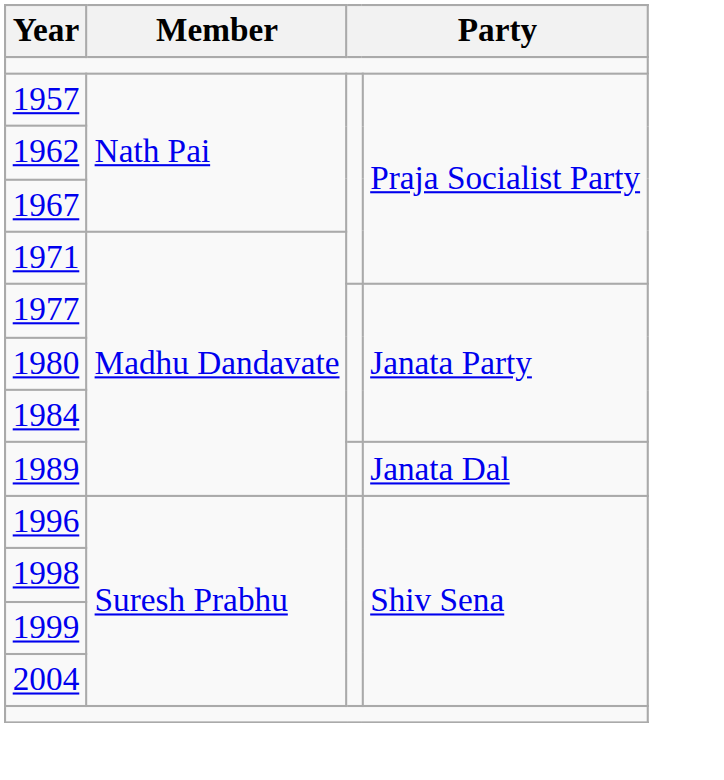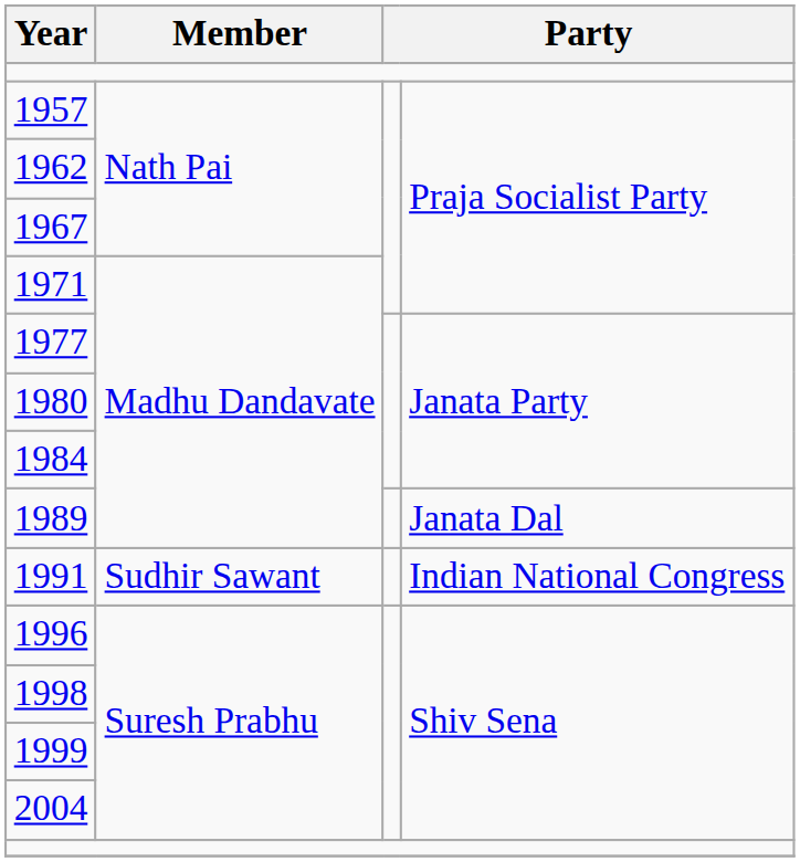 <table class="wikitable">
 <tr>
 <th>Year</th>
 <th>Member</th>
 <th colspan="2">Party</th>
 </tr>
 <tr>
 <td colspan="4"></td>
 </tr>
 <tr>
 <td><a href='#'>1957</a></td>
 <td rowspan="3"><a href='#'>Nath Pai</a></td>
 <td rowspan="4" style="background-color: "></td>
 <td rowspan="4"><a href='#'>Praja Socialist Party</a></td>
 </tr>
 <tr>
 <td><a href='#'>1962</a></td>
 </tr>
 <tr>
 <td><a href='#'>1967</a></td>
 </tr>
 <tr>
 <td><a href='#'>1971</a></td>
 <td rowspan="5"><a href='#'>Madhu Dandavate</a></td>
 </tr>
 <tr>
 <td><a href='#'>1977</a></td>
 <td rowspan="3" style="background-color: "></td>
 <td rowspan="3"><a href='#'>Janata Party</a></td>
 </tr>
 <tr>
 <td><a href='#'>1980</a></td>
 </tr>
 <tr>
 <td><a href='#'>1984</a></td>
 </tr>
 <tr>
 <td><a href='#'>1989</a></td>
 <td style="background-color: "></td>
 <td><a href='#'>Janata Dal</a></td>
 </tr>
 <tr>
+<td><a href='#'>1991</a></td>
+<td><a href='#'>Sudhir Sawant</a></td>
+<td style="background-color: "></td>
+<td><a href='#'>Indian National Congress</a></td>
+</tr>
+<tr>
 <td><a href='#'>1996</a></td>
 <td rowspan="4"><a href='#'>Suresh Prabhu</a></td>
 <td rowspan="4" style="background-color: "></td>
 <td rowspan="4"><a href='#'>Shiv Sena</a></td>
 </tr>
 <tr>
 <td><a href='#'>1998</a></td>
 </tr>
 <tr>
 <td><a href='#'>1999</a></td>
 </tr>
 <tr>
 <td><a href='#'>2004</a></td>
 </tr>
 <tr>
 <td colspan="4"></td>
 </tr>
 <tr>
 </tr>
 </table>
